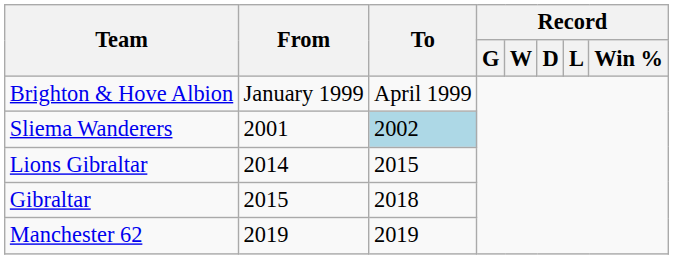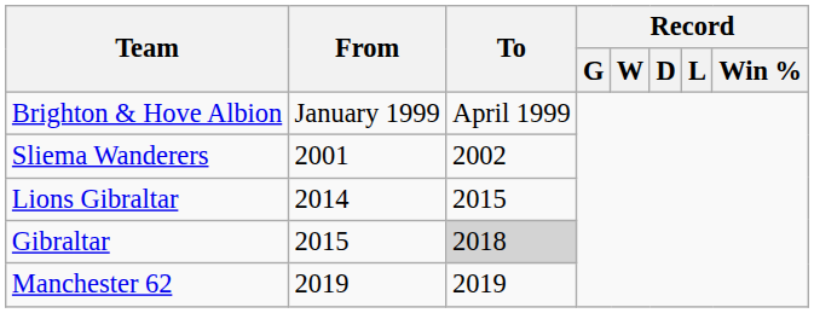 <table class="wikitable" style="text-align: center">
 <tr>
 <th rowspan="2">Team</th>
 <th rowspan="2">From</th>
 <th rowspan="2">To</th>
 <th colspan="5">Record</th>
 </tr>
 <tr>
 <th>G</th>
 <th>W</th>
 <th>D</th>
 <th>L</th>
 <th>Win %</th>
 </tr>
 <tr>
 <td align=left><a href='#'>Brighton & Hove Albion</a></td>
 <td align=left>January 1999</td>
 <td align=left>April 1999<br></td>
 </tr>
 <tr>
 <td align=left><a href='#'>Sliema Wanderers</a></td>
 <td align=left>2001</td>
-<td align=left style="background: lightblue;">2002<br></td>
+<td align=left>2002<br></td>
 </tr>
 <tr>
 <td align=left><a href='#'>Lions Gibraltar</a></td>
 <td align=left>2014</td>
 <td align=left>2015<br></td>
 </tr>
 <tr>
 <td align=left><a href='#'>Gibraltar</a></td>
 <td align=left>2015</td>
-<td align=left>2018<br></td>
+<td align=left style="background: lightgrey;">2018<br></td>
 </tr>
 <tr>
 <td align=left><a href='#'>Manchester 62</a></td>
 <td align=left>2019</td>
 <td align=left>2019<br></td>
 </tr>
 </table>
